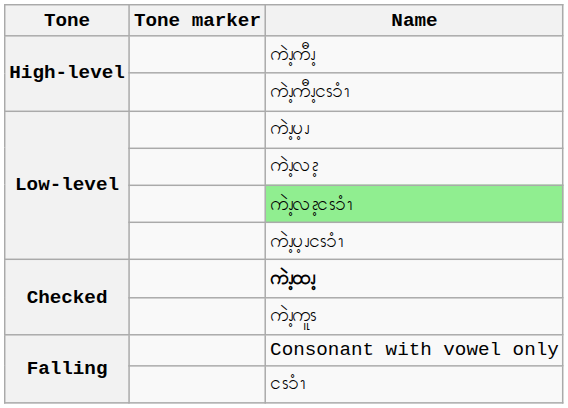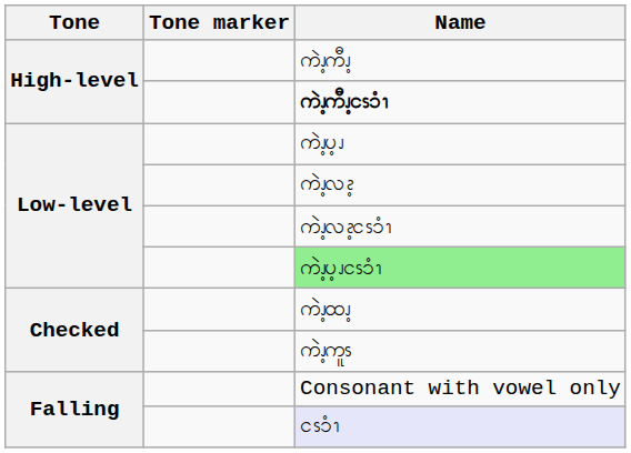 <table class="wikitable letters-table">
 <tr>
 <th>Tone</th>
 <th>Tone marker</th>
 <th>Name</th>
 </tr>
 <tr>
 <th rowspan=2>High-level</th>
 <td></td>
 <td>ကဲၪ့ကီၪ့ </td>
 </tr>
 <tr>
 <td></td>
-<td>ကဲၪ့ကီၪ့ငၭၥံၫ </td>
+<td><strong>ကဲၪ့ကီၪ့ငၭၥံၫ </strong></td>
 </tr>
 <tr>
 <th rowspan=4>Low-level</th>
 <td></td>
 <td>ကဲၪ့ပ့ၪ </td>
 </tr>
 <tr>
 <td></td>
 <td>ကဲၪ့လၩ့ </td>
 </tr>
 <tr>
 <td></td>
-<td style="background: lightgreen;">ကဲၪ့လၩ့ငၭၥံၫ </td>
+<td>ကဲၪ့လၩ့ငၭၥံၫ </td>
 </tr>
 <tr>
 <td></td>
-<td>ကဲၪ့ပ့ၪငၭၥံၫ </td>
+<td style="background: lightgreen;">ကဲၪ့ပ့ၪငၭၥံၫ </td>
 </tr>
 <tr>
 <th rowspan= 2>Checked</th>
 <td></td>
-<td><strong>ကဲၪ့ထၪ့ </strong></td>
+<td>ကဲၪ့ထၪ့ </td>
 </tr>
 <tr>
 <td></td>
 <td>ကဲၪ့ကူၭ </td>
 </tr>
 <tr>
 <th rowspan=2>Falling</th>
 <td></td>
 <td>Consonant with vowel only</td>
 </tr>
 <tr>
 <td></td>
-<td>ငၭၥံၫ </td>
+<td style="background: lavender;">ငၭၥံၫ </td>
 </tr>
 </table>
